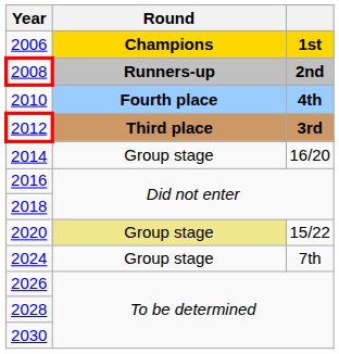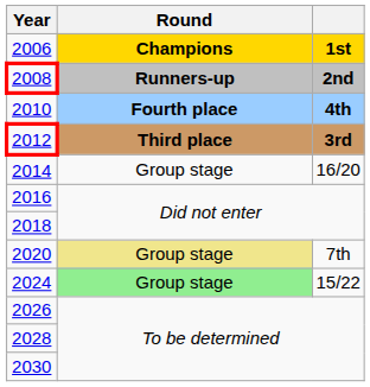 <table class="wikitable" style="text-align: center; font-size:90%">
 <tr>
 <th>Year</th>
 <th style="width:200px">Round</th>
 <th></th>
 </tr>
 <tr>
 <td><a href='#'>2006</a></td>
 <td bgcolor=Gold><strong>Champions</strong></td>
 <td bgcolor=Gold><strong>1st</strong></td>
 </tr>
 <tr>
 <td style="border: 3px solid red"><a href='#'>2008</a></td>
 <td bgcolor=Silver><strong>Runners-up</strong></td>
 <td bgcolor=Silver><strong>2nd</strong></td>
 </tr>
 <tr>
 <td><a href='#'>2010</a></td>
 <td bgcolor="9acdff"><strong>Fourth place</strong></td>
 <td bgcolor="9acdff"><strong>4th</strong></td>
 </tr>
 <tr>
 <td style="border: 3px solid red"><a href='#'>2012</a></td>
 <td bgcolor="cc9966"><strong>Third place</strong></td>
 <td bgcolor="cc9966"><strong>3rd</strong></td>
 </tr>
 <tr>
 <td><a href='#'>2014</a></td>
 <td>Group stage</td>
 <td>16/20</td>
 </tr>
 <tr>
 <td><a href='#'>2016</a></td>
 <td colspan="2" rowspan="2"><em>Did not enter</em></td>
 </tr>
 <tr>
 <td><a href='#'>2018</a></td>
 </tr>
 <tr>
 <td><a href='#'>2020</a></td>
 <td style="background: khaki;">Group stage</td>
-<td>15/22</td>
+<td>7th</td>
 </tr>
 <tr>
 <td><a href='#'>2024</a></td>
-<td>Group stage</td>
-<td>7th</td>
+<td style="background: lightgreen;">Group stage</td>
+<td>15/22</td>
 </tr>
 <tr>
 <td><a href='#'>2026</a></td>
 <td colspan="2" rowspan="3"><em>To be determined</em></td>
 </tr>
 <tr>
 <td><a href='#'>2028</a></td>
 </tr>
 <tr>
 <td><a href='#'>2030</a></td>
 </tr>
 </table>
